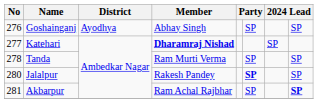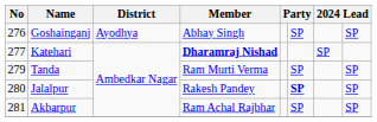 <table class="wikitable">
 <tr>
 <th>No</th>
 <th>Name</th>
 <th>District</th>
 <th>Member</th>
 <th colspan="2">Party</th>
 <th colspan="2">2024 Lead</th>
 </tr>
 <tr>
 <td>276</td>
 <td><a href='#'>Goshainganj</a></td>
 <td><a href='#'>Ayodhya</a></td>
 <td><a href='#'>Abhay Singh</a></td>
 <td style=background-color:></td>
 <td><a href='#'>SP</a></td>
 <td style=background-color:></td>
 <td><a href='#'>SP</a></td>
 </tr>
 <tr>
 <td>277</td>
 <td><a href='#'>Katehari</a></td>
 <td rowspan="4"><a href='#'>Ambedkar Nagar</a></td>
 <td><strong><a href='#'>Dharamraj Nishad</a></strong></td>
 <td></td>
 <td style="background-color:"></td>
 <td><a href='#'>SP</a></td>
 </tr>
 <tr>
-<td>278</td>
+<td>279</td>
 <td><a href='#'>Tanda</a></td>
 <td><a href='#'>Ram Murti Verma</a></td>
 <td style=background-color:></td>
 <td><a href='#'>SP</a></td>
 <td style=background-color:></td>
 <td><a href='#'>SP</a></td>
 </tr>
 <tr>
 <td>280</td>
 <td><a href='#'>Jalalpur</a></td>
 <td><a href='#'>Rakesh Pandey</a></td>
 <td style=background-color:></td>
 <td><strong><a href='#'>SP</a></strong></td>
 <td style=background-color:></td>
 <td><a href='#'>SP</a></td>
 </tr>
 <tr>
 <td>281</td>
 <td><a href='#'>Akbarpur</a></td>
 <td><a href='#'>Ram Achal Rajbhar</a></td>
 <td style=background-color:></td>
 <td><a href='#'>SP</a></td>
 <td style=background-color:></td>
-<td><strong><a href='#'>SP</a></strong></td>
+<td><a href='#'>SP</a></td>
 </tr>
 <tr>
 </tr>
 </table>
